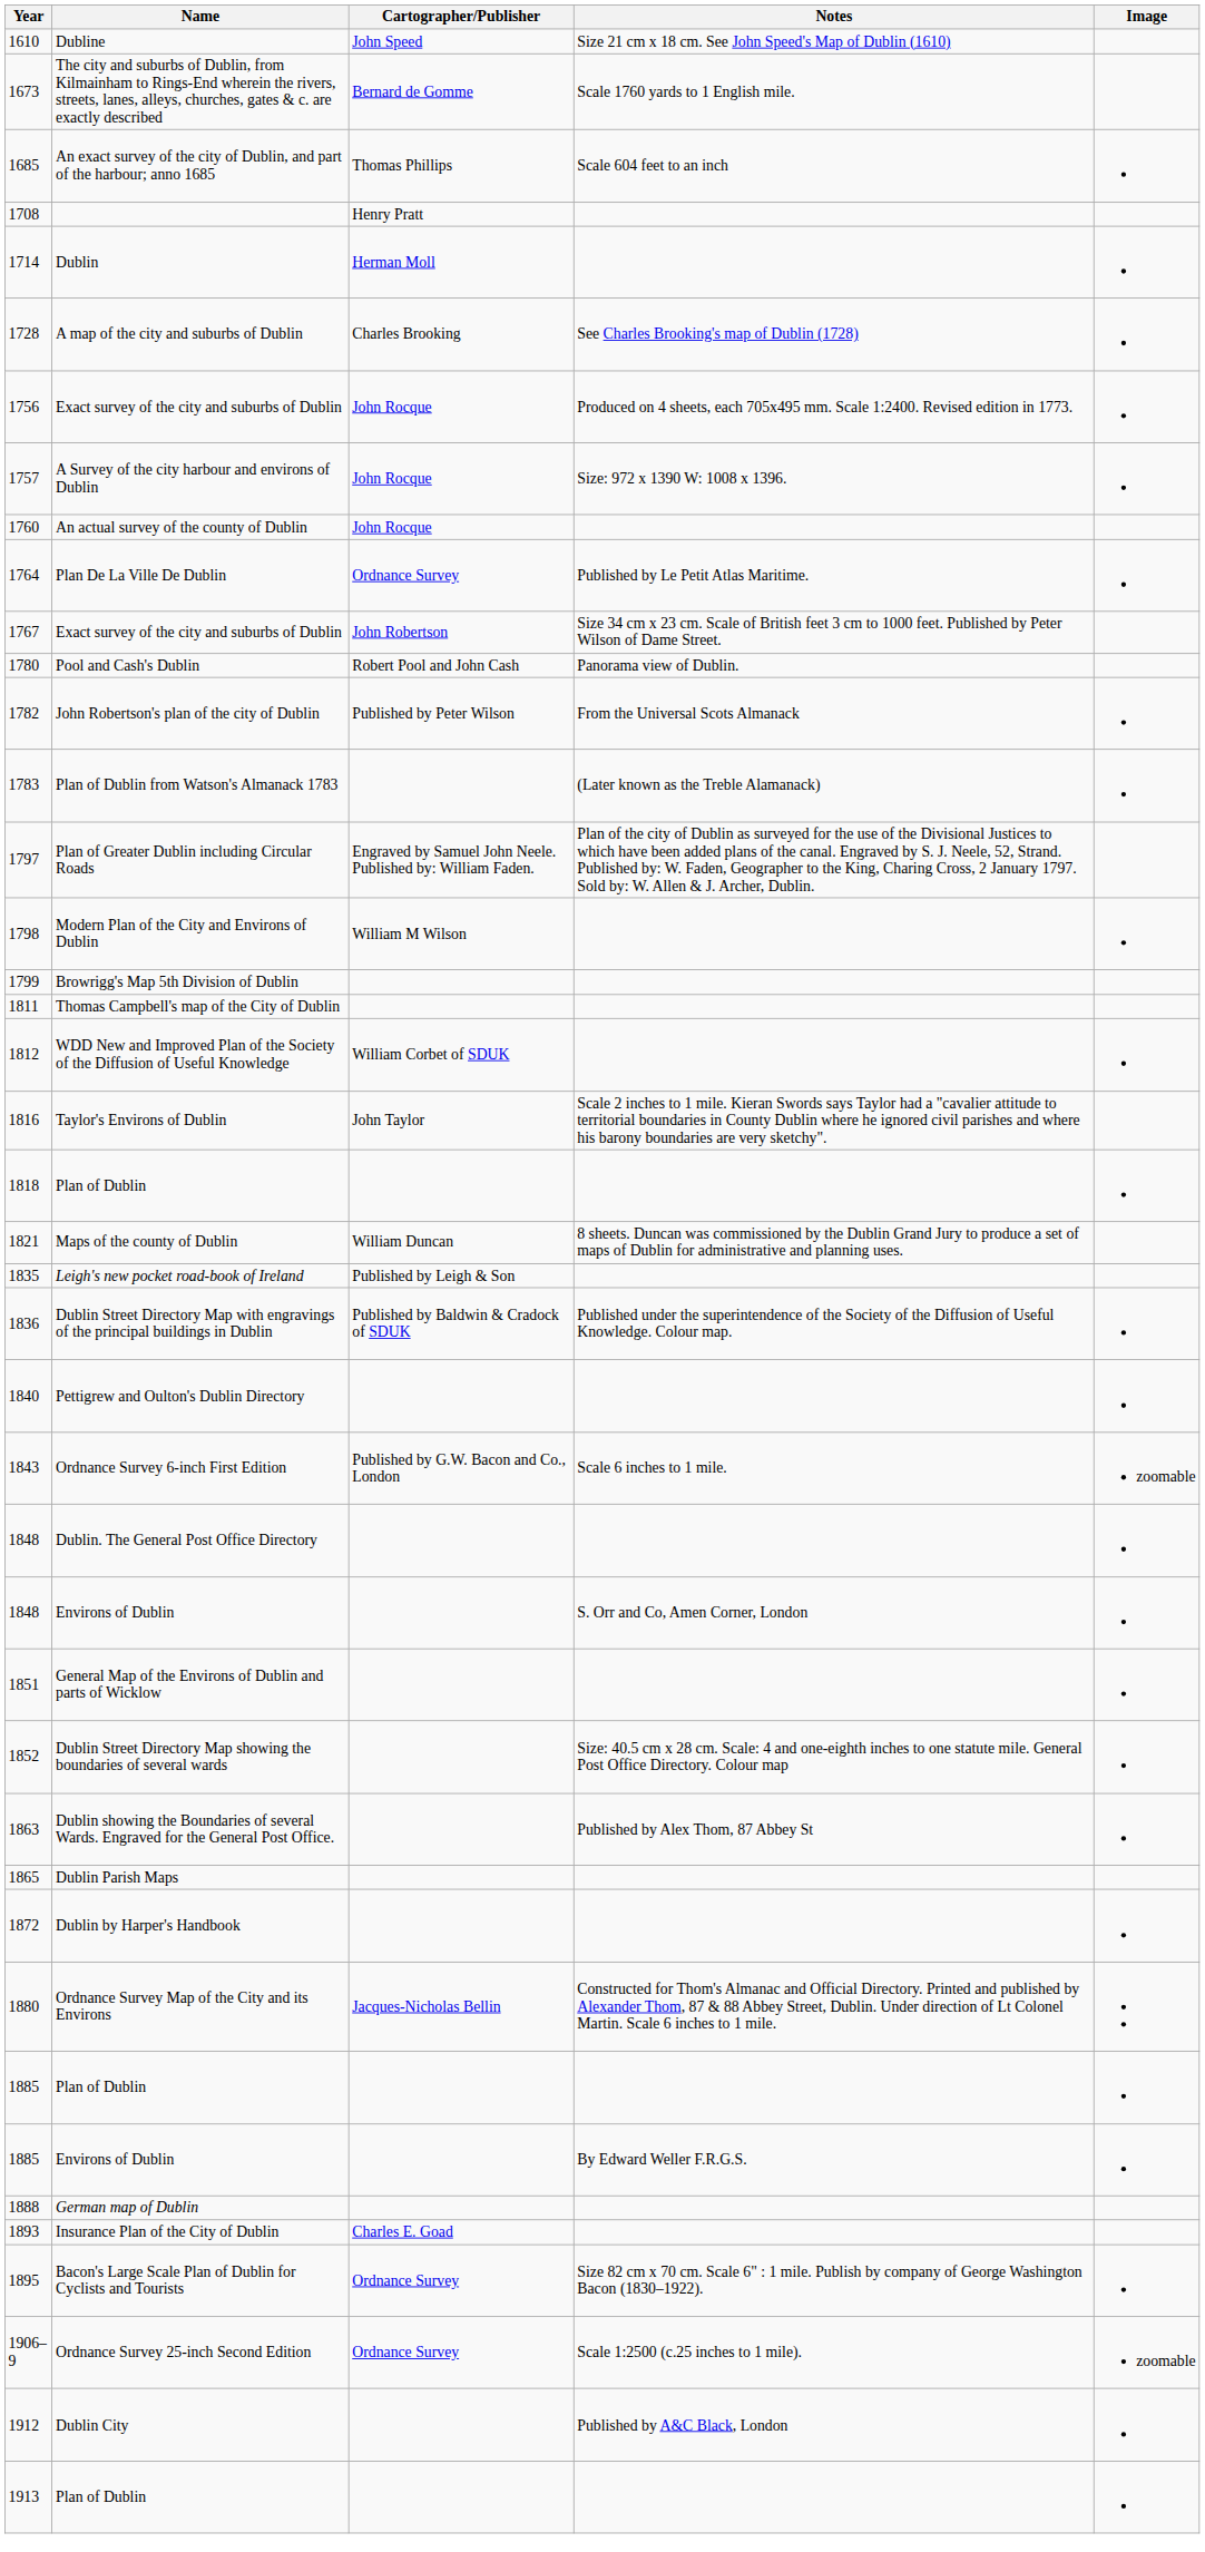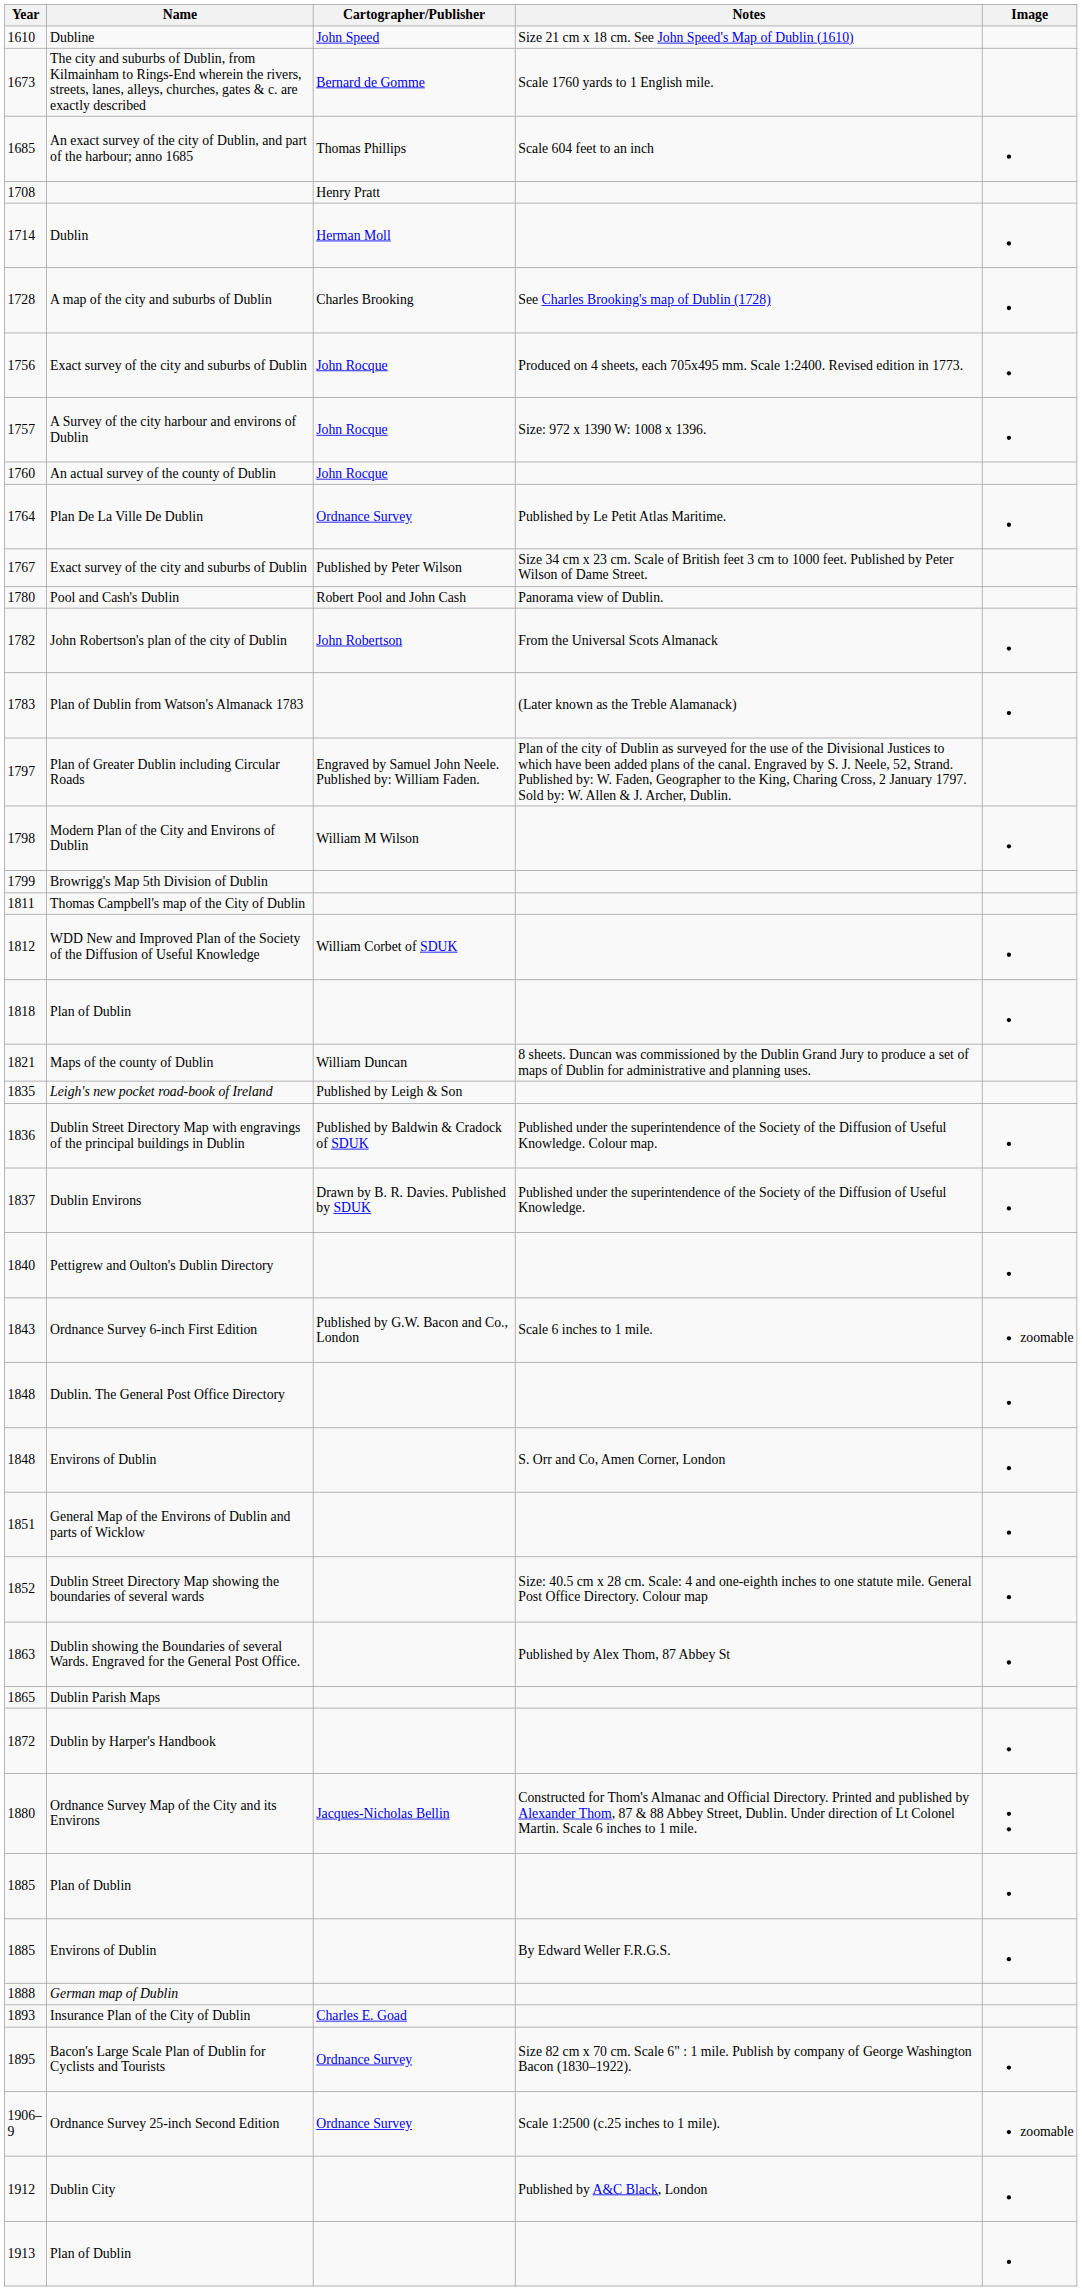 <table class="wikitable sortable" |>
 <tr>
 <th>Year</th>
 <th>Name</th>
 <th>Cartographer/Publisher</th>
 <th>Notes</th>
 <th>Image</th>
 </tr>
 <tr>
 <td>1610</td>
 <td>Dubline</td>
 <td><a href='#'>John Speed</a></td>
 <td>Size 21 cm x 18 cm. See <a href='#'>John Speed's Map of Dublin (1610)</a></td>
 <td></td>
 </tr>
 <tr>
 <td>1673</td>
 <td>The city and suburbs of Dublin, from Kilmainham to Rings-End wherein the rivers, streets, lanes, alleys, churches, gates & c. are exactly described</td>
 <td><a href='#'>Bernard de Gomme</a></td>
 <td>Scale 1760 yards to 1 English mile.</td>
 <td></td>
 </tr>
 <tr>
 <td>1685</td>
 <td>An exact survey of the city of Dublin, and part of the harbour; anno 1685</td>
 <td>Thomas Phillips</td>
 <td>Scale 604 feet to an inch</td>
 <td><br><ul><li></li></ul></td>
 </tr>
 <tr>
 <td>1708</td>
 <td></td>
 <td>Henry Pratt</td>
 <td></td>
 <td></td>
 </tr>
 <tr>
 <td>1714</td>
 <td>Dublin</td>
 <td><a href='#'>Herman Moll</a></td>
 <td></td>
 <td><br><ul><li></li></ul></td>
 </tr>
 <tr>
 <td>1728</td>
 <td>A map of the city and suburbs of Dublin</td>
 <td>Charles Brooking</td>
 <td>See <a href='#'>Charles Brooking's map of Dublin (1728)</a></td>
 <td><br><ul><li></li></ul></td>
 </tr>
 <tr>
 <td>1756</td>
 <td>Exact survey of the city and suburbs of Dublin</td>
 <td><a href='#'>John Rocque</a></td>
 <td>Produced on 4 sheets, each 705x495 mm. Scale 1:2400. Revised edition in 1773.</td>
 <td><br><ul><li></li></ul></td>
 </tr>
 <tr>
 <td>1757</td>
 <td>A Survey of the city harbour and environs of Dublin</td>
 <td><a href='#'>John Rocque</a></td>
 <td>Size: 972 x 1390  W: 1008 x 1396.</td>
 <td><br><ul><li></li></ul></td>
 </tr>
 <tr>
 <td>1760</td>
 <td>An actual survey of the county of Dublin</td>
 <td><a href='#'>John Rocque</a></td>
 <td></td>
 <td></td>
 </tr>
 <tr>
 <td>1764</td>
 <td>Plan De La Ville De Dublin</td>
 <td><a href='#'>Ordnance Survey</a></td>
 <td>Published by Le Petit Atlas Maritime.</td>
 <td><br><ul><li></li></ul></td>
 </tr>
 <tr>
 <td>1767</td>
 <td>Exact survey of the city and suburbs of Dublin</td>
-<td><a href='#'>John Robertson</a></td>
+<td>Published by Peter Wilson</td>
 <td>Size 34 cm x 23 cm. Scale of British feet 3 cm to 1000 feet. Published by Peter Wilson of Dame Street.</td>
 <td></td>
 </tr>
 <tr>
 <td>1780</td>
 <td>Pool and Cash's Dublin</td>
 <td>Robert Pool and John Cash</td>
 <td>Panorama view of Dublin.</td>
 <td></td>
 </tr>
 <tr>
 <td>1782</td>
 <td>John Robertson's plan of the city of Dublin</td>
-<td>Published by Peter Wilson</td>
+<td><a href='#'>John Robertson</a></td>
 <td>From the Universal Scots Almanack</td>
 <td><br><ul><li></li></ul></td>
 </tr>
 <tr>
 <td>1783</td>
 <td>Plan of Dublin from Watson's Almanack 1783</td>
 <td></td>
 <td>(Later known as the Treble Alamanack)</td>
 <td><br><ul><li></li></ul></td>
 </tr>
 <tr>
 <td>1797</td>
 <td>Plan of Greater Dublin including Circular Roads</td>
 <td>Engraved by Samuel John Neele. Published by: William Faden.</td>
 <td>Plan of the city of Dublin as surveyed for the use of the Divisional Justices to which have been added plans of the canal. Engraved by S. J. Neele, 52, Strand. Published by: W. Faden, Geographer to the King, Charing Cross, 2 January 1797. Sold by: W. Allen & J. Archer, Dublin.</td>
 <td></td>
 </tr>
 <tr>
 <td>1798</td>
 <td>Modern Plan of the City and Environs of Dublin</td>
 <td>William M Wilson</td>
 <td></td>
 <td><br><ul><li></li></ul></td>
 </tr>
 <tr>
 <td>1799</td>
 <td>Browrigg's Map 5th Division of Dublin</td>
 <td></td>
 <td></td>
 <td></td>
 </tr>
 <tr>
 <td>1811</td>
 <td>Thomas Campbell's map of the City of Dublin</td>
 <td></td>
 <td></td>
 <td></td>
 </tr>
 <tr>
 <td>1812</td>
 <td>WDD New and Improved Plan of the Society of the Diffusion of Useful Knowledge</td>
 <td>William Corbet of <a href='#'>SDUK</a></td>
 <td></td>
 <td><br><ul><li></li></ul></td>
 </tr>
 <tr>
-<td>1816</td>
-<td>Taylor's Environs of Dublin</td>
-<td>John Taylor</td>
-<td>Scale 2 inches to 1 mile. Kieran Swords says Taylor had a "cavalier attitude to territorial boundaries in County Dublin where he ignored civil parishes and where his barony boundaries are very sketchy".</td>
-<td></td>
-</tr>
-<tr>
 <td>1818</td>
 <td>Plan of Dublin</td>
 <td></td>
 <td></td>
 <td><br><ul><li></li></ul></td>
 </tr>
 <tr>
 <td>1821</td>
 <td>Maps of the county of Dublin</td>
 <td>William Duncan</td>
 <td>8 sheets. Duncan was commissioned by the Dublin Grand Jury to produce a set of maps of Dublin for administrative and planning uses.</td>
 <td></td>
 </tr>
 <tr>
 <td>1835</td>
 <td><em>Leigh's new pocket road-book of Ireland</em></td>
 <td>Published by Leigh & Son</td>
 <td></td>
 <td></td>
 </tr>
 <tr>
 <td>1836</td>
 <td>Dublin Street Directory Map with engravings of the principal buildings in Dublin</td>
 <td>Published by Baldwin & Cradock of <a href='#'>SDUK</a></td>
 <td>Published under the superintendence of the Society of the Diffusion of Useful Knowledge. Colour map.</td>
+<td><br><ul><li></li></ul></td>
+</tr>
+<tr>
+<td>1837</td>
+<td>Dublin Environs</td>
+<td>Drawn by B. R. Davies. Published by <a href='#'>SDUK</a></td>
+<td>Published under the superintendence of the Society of the Diffusion of Useful Knowledge.</td>
 <td><br><ul><li></li></ul></td>
 </tr>
 <tr>
 <td>1840</td>
 <td>Pettigrew and Oulton's Dublin Directory</td>
 <td></td>
 <td></td>
 <td><br><ul><li></li></ul></td>
 </tr>
 <tr>
 <td>1843</td>
 <td>Ordnance Survey 6-inch First Edition</td>
 <td>Published by G.W. Bacon and Co., London</td>
 <td>Scale 6 inches to 1 mile.</td>
 <td><br><ul><li> zoomable</li></ul></td>
 </tr>
 <tr>
 <td>1848</td>
 <td>Dublin. The General Post Office Directory</td>
 <td></td>
 <td></td>
 <td><br><ul><li></li></ul></td>
 </tr>
 <tr>
 <td>1848</td>
 <td>Environs of Dublin</td>
 <td></td>
 <td>S. Orr and Co, Amen Corner, London</td>
 <td><br><ul><li></li></ul></td>
 </tr>
 <tr>
 <td>1851</td>
 <td>General Map of the Environs of Dublin and parts of Wicklow</td>
 <td></td>
 <td></td>
 <td><br><ul><li></li></ul></td>
 </tr>
 <tr>
 <td>1852</td>
 <td>Dublin Street Directory Map showing the boundaries of several wards</td>
 <td></td>
 <td>Size: 40.5 cm x 28 cm. Scale: 4 and one-eighth inches to one statute mile. General Post Office Directory. Colour map</td>
 <td><br><ul><li></li></ul></td>
 </tr>
 <tr>
 <td>1863</td>
 <td>Dublin showing the Boundaries of several Wards. Engraved for the General Post Office.</td>
 <td></td>
 <td>Published by Alex Thom, 87 Abbey St</td>
 <td><br><ul><li></li></ul></td>
 </tr>
 <tr>
 <td>1865</td>
 <td>Dublin Parish Maps</td>
 <td></td>
 <td></td>
 <td></td>
 </tr>
 <tr>
 <td>1872</td>
 <td>Dublin by Harper's Handbook</td>
 <td></td>
 <td></td>
 <td><br><ul><li></li></ul></td>
 </tr>
 <tr>
 <td>1880</td>
 <td>Ordnance Survey Map of the City and its Environs</td>
 <td><a href='#'>Jacques-Nicholas Bellin</a></td>
 <td>Constructed for Thom's Almanac and Official Directory. Printed and published by <a href='#'>Alexander Thom</a>, 87 & 88 Abbey Street, Dublin. Under direction of Lt Colonel Martin. Scale 6 inches to 1 mile.</td>
 <td><br><ul><li></li><li></li></ul></td>
 </tr>
 <tr>
 <td>1885</td>
 <td>Plan of Dublin</td>
 <td></td>
 <td></td>
 <td><br><ul><li></li></ul></td>
 </tr>
 <tr>
 <td>1885</td>
 <td>Environs of Dublin</td>
 <td></td>
 <td>By Edward Weller F.R.G.S.</td>
 <td><br><ul><li></li></ul></td>
 </tr>
 <tr>
 <td>1888</td>
 <td><em>German map of Dublin</em></td>
 <td></td>
 <td></td>
 <td></td>
 </tr>
 <tr>
 <td>1893</td>
 <td>Insurance Plan of the City of Dublin</td>
 <td><a href='#'>Charles E. Goad</a></td>
 <td></td>
 <td></td>
 </tr>
 <tr>
 <td>1895</td>
 <td>Bacon's Large Scale Plan of Dublin for Cyclists and Tourists</td>
 <td><a href='#'>Ordnance Survey</a></td>
 <td>Size 82 cm x 70 cm. Scale 6" : 1 mile. Publish by company of George Washington Bacon (1830–1922).</td>
 <td><br><ul><li></li></ul></td>
 </tr>
 <tr>
 <td>1906–9</td>
 <td>Ordnance Survey 25-inch Second Edition</td>
 <td><a href='#'>Ordnance Survey</a></td>
 <td>Scale 1:2500 (c.25 inches to 1 mile).</td>
 <td><br><ul><li> zoomable</li></ul></td>
 </tr>
 <tr>
 <td>1912</td>
 <td>Dublin City</td>
 <td></td>
 <td>Published by <a href='#'>A&C Black</a>, London</td>
 <td><br><ul><li></li></ul></td>
 </tr>
 <tr>
 <td>1913</td>
 <td>Plan of Dublin</td>
 <td></td>
 <td></td>
 <td><br><ul><li></li></ul></td>
 </tr>
 </table>
